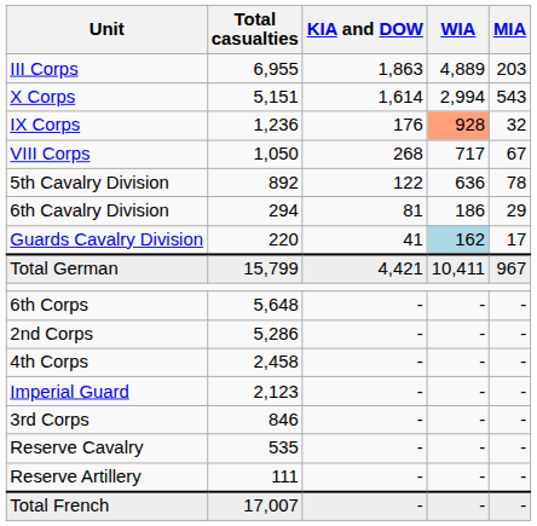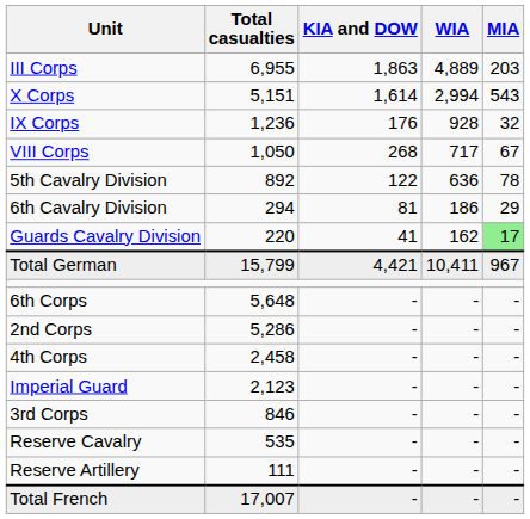 <table class="wikitable"  align=right style="margin:0 0 1em 1em">
 <tr>
 <th>Unit</th>
 <th>Total<br>casualties</th>
 <th><a href='#'>KIA</a> and <a href='#'>DOW</a></th>
 <th><a href='#'>WIA</a></th>
 <th><a href='#'>MIA</a></th>
 </tr>
 <tr>
 <td><a href='#'>III Corps</a></td>
 <td align="right">6,955</td>
 <td align="right">1,863</td>
 <td align="right">4,889</td>
 <td align="right">203</td>
 </tr>
 <tr>
 <td><a href='#'>X Corps</a></td>
 <td align="right">5,151</td>
 <td align="right">1,614</td>
 <td align="right">2,994</td>
 <td align="right">543</td>
 </tr>
 <tr>
 <td><a href='#'>IX Corps</a></td>
 <td align="right">1,236</td>
 <td align="right">176</td>
-<td align="right" style="background: lightsalmon;">928</td>
+<td align="right">928</td>
 <td align="right">32</td>
 </tr>
 <tr>
 <td><a href='#'>VIII Corps</a></td>
 <td align="right">1,050</td>
 <td align="right">268</td>
 <td align="right">717</td>
 <td align="right">67</td>
 </tr>
 <tr>
 <td>5th Cavalry Division</td>
 <td align="right">892</td>
 <td align="right">122</td>
 <td align="right">636</td>
 <td align="right">78</td>
 </tr>
 <tr>
 <td>6th Cavalry Division</td>
 <td align="right">294</td>
 <td align="right">81</td>
 <td align="right">186</td>
 <td align="right">29</td>
 </tr>
 <tr>
 <td><a href='#'>Guards Cavalry Division</a></td>
 <td align="right">220</td>
 <td align="right">41</td>
-<td align="right" style="background: lightblue;">162</td>
-<td align="right">17</td>
+<td align="right">162</td>
+<td align="right" style="background: lightgreen;">17</td>
 </tr>
 <tr>
 </tr>
 <tr style="background:#eeeeee">
 <td style="border-top:2pt solid black">Total German</td>
 <td style="border-top:2pt solid black" align="right">15,799</td>
 <td style="border-top:2pt solid black" align="right">4,421</td>
 <td style="border-top:2pt solid black" align="right">10,411</td>
 <td style="border-top:2pt solid black" align="right">967</td>
 </tr>
 <tr>
 <td colspan="5"></td>
 </tr>
 <tr>
 <td>6th Corps</td>
 <td align="right">5,648</td>
 <td align="right">-</td>
 <td align="right">-</td>
 <td align="right">-</td>
 </tr>
 <tr>
 <td>2nd Corps</td>
 <td align="right">5,286</td>
 <td align="right">-</td>
 <td align="right">-</td>
 <td align="right">-</td>
 </tr>
 <tr>
 <td>4th Corps</td>
 <td align="right">2,458</td>
 <td align="right">-</td>
 <td align="right">-</td>
 <td align="right">-</td>
 </tr>
 <tr>
 <td><a href='#'>Imperial Guard</a></td>
 <td align="right">2,123</td>
 <td align="right">-</td>
 <td align="right">-</td>
 <td align="right">-</td>
 </tr>
 <tr>
 <td>3rd Corps</td>
 <td align="right">846</td>
 <td align="right">-</td>
 <td align="right">-</td>
 <td align="right">-</td>
 </tr>
 <tr>
 <td>Reserve Cavalry</td>
 <td align="right">535</td>
 <td align="right">-</td>
 <td align="right">-</td>
 <td align="right">-</td>
 </tr>
 <tr>
 <td>Reserve Artillery</td>
 <td align="right">111</td>
 <td align="right">-</td>
 <td align="right">-</td>
 <td align="right">-</td>
 </tr>
 <tr style="background:#eeeeee">
 <td style="border-top:2pt solid black">Total French</td>
 <td style="border-top:2pt solid black" align="right">17,007</td>
 <td style="border-top:2pt solid black" align="right">-</td>
 <td style="border-top:2pt solid black" align="right">-</td>
 <td style="border-top:2pt solid black" align="right">-</td>
 </tr>
 </table>
